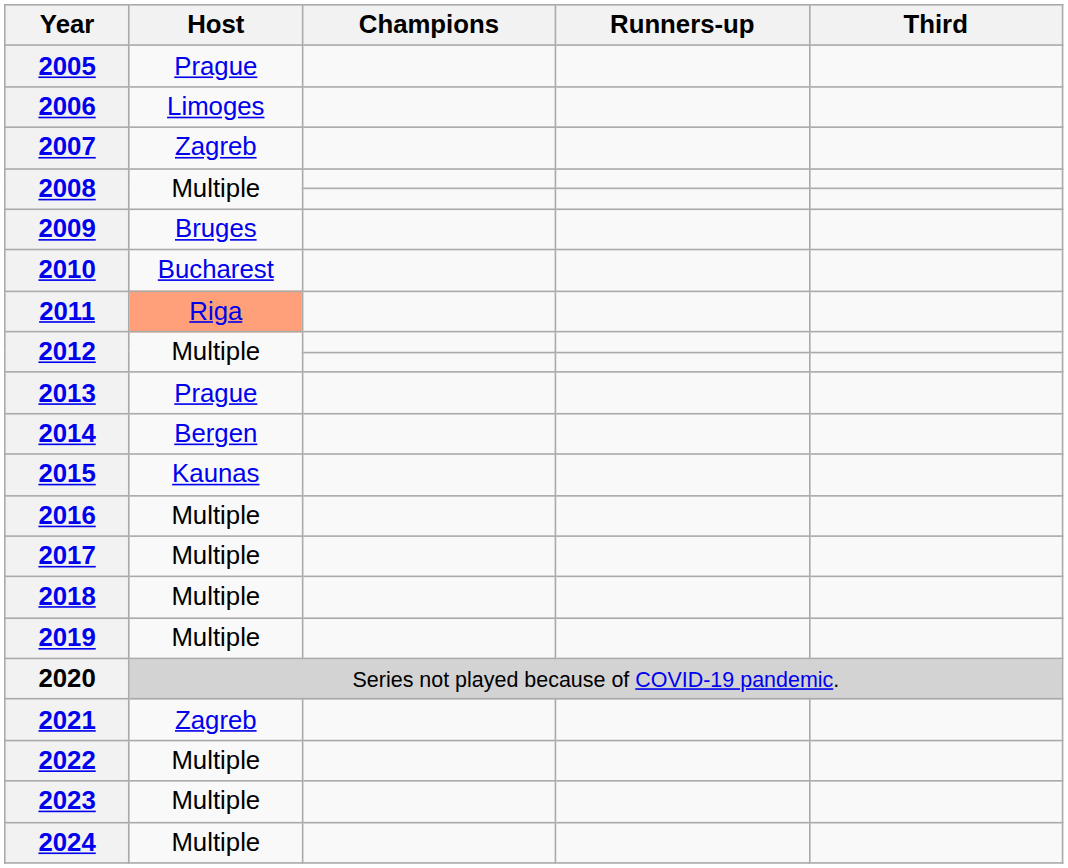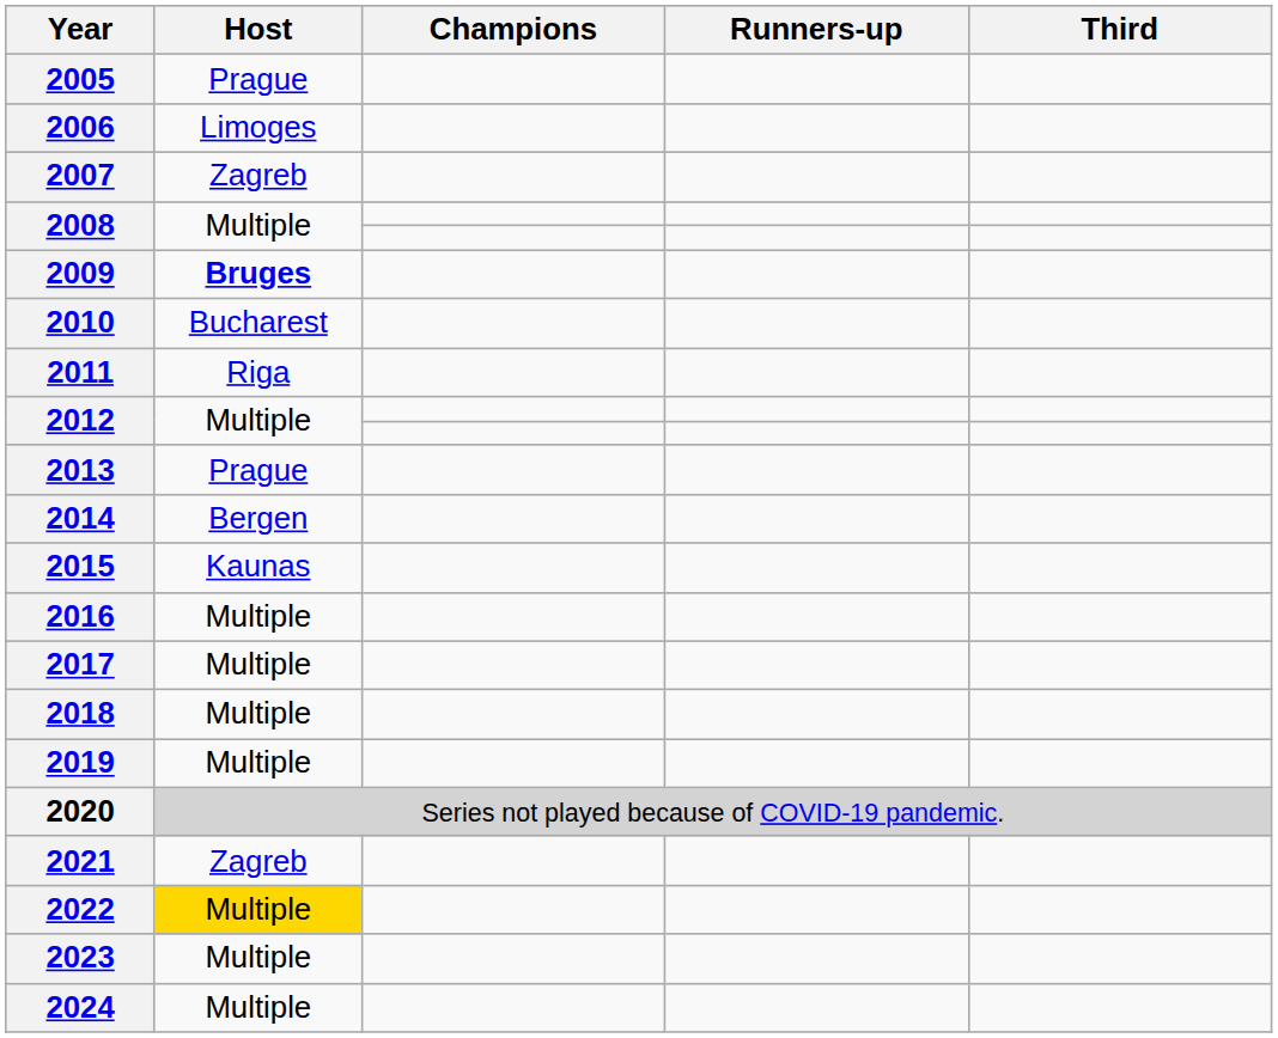 <table class="wikitable centre" style="text-align:center;">
 <tr>
 <th scope="col" style="width:70px;">Year</th>
 <th scope="col" style="width:100px;">Host</th>
 <th scope="col" style="width:150px;">Champions</th>
 <th scope="col" style="width:150px;">Runners-up</th>
 <th scope="col" style="width:150px;">Third</th>
 </tr>
 <tr>
 <th><a href='#'>2005</a></th>
 <td> <a href='#'>Prague</a></td>
 <td><strong></strong></td>
 <td></td>
 <td></td>
 </tr>
 <tr>
 <th><a href='#'>2006</a></th>
 <td> <a href='#'>Limoges</a></td>
 <td><strong></strong></td>
 <td></td>
 <td></td>
 </tr>
 <tr>
 <th><a href='#'>2007</a></th>
 <td> <a href='#'>Zagreb</a></td>
 <td><strong></strong></td>
 <td></td>
 <td></td>
 </tr>
 <tr>
 <th rowspan="2"><a href='#'>2008</a></th>
 <td rowspan="2">Multiple</td>
 <td><strong></strong></td>
 <td></td>
 <td></td>
 </tr>
 <tr>
 <td><strong></strong></td>
 <td></td>
 <td></td>
 </tr>
 <tr>
 <th><a href='#'>2009</a></th>
-<td> <a href='#'>Bruges</a></td>
+<td><strong> <a href='#'>Bruges</a></strong></td>
 <td><strong></strong></td>
 <td></td>
 <td></td>
 </tr>
 <tr>
 <th><a href='#'>2010</a></th>
 <td> <a href='#'>Bucharest</a></td>
 <td><strong></strong></td>
 <td></td>
 <td></td>
 </tr>
 <tr>
 <th><a href='#'>2011</a></th>
-<td style="background: lightsalmon;"> <a href='#'>Riga</a></td>
+<td> <a href='#'>Riga</a></td>
 <td><strong></strong></td>
 <td></td>
 <td></td>
 </tr>
 <tr>
 <th rowspan="2"><a href='#'>2012</a></th>
 <td rowspan="2">Multiple</td>
 <td><strong></strong></td>
 <td></td>
 <td></td>
 </tr>
 <tr>
 <td><strong></strong></td>
 <td></td>
 <td></td>
 </tr>
 <tr>
 <th><a href='#'>2013</a></th>
 <td> <a href='#'>Prague</a></td>
 <td><strong></strong></td>
 <td></td>
 <td></td>
 </tr>
 <tr>
 <th><a href='#'>2014</a></th>
 <td> <a href='#'>Bergen</a></td>
 <td><strong></strong></td>
 <td></td>
 <td></td>
 </tr>
 <tr>
 <th><a href='#'>2015</a></th>
 <td> <a href='#'>Kaunas</a></td>
 <td><strong></strong></td>
 <td></td>
 <td></td>
 </tr>
 <tr>
 <th><a href='#'>2016</a></th>
 <td>Multiple</td>
 <td><strong></strong></td>
 <td></td>
 <td></td>
 </tr>
 <tr>
 <th><a href='#'>2017</a></th>
 <td>Multiple</td>
 <td><strong></strong></td>
 <td></td>
 <td></td>
 </tr>
 <tr>
 <th><a href='#'>2018</a></th>
 <td>Multiple</td>
 <td><strong></strong></td>
 <td></td>
 <td></td>
 </tr>
 <tr>
 <th><a href='#'>2019</a></th>
 <td>Multiple</td>
 <td><strong></strong></td>
 <td></td>
 <td></td>
 </tr>
 <tr>
 <th>2020</th>
 <td align=center colspan=4 rowspan=1 bgcolor="#D3D3D3"><small>Series not played because of <a href='#'>COVID-19 pandemic</a>.</small></td>
 </tr>
 <tr>
 <th><a href='#'>2021</a></th>
 <td> <a href='#'>Zagreb</a></td>
 <td><strong></strong></td>
 <td></td>
 <td></td>
 </tr>
 <tr>
 <th><a href='#'>2022</a></th>
-<td>Multiple </td>
+<td style="background: gold;">Multiple </td>
 <td><strong></strong></td>
 <td></td>
 <td></td>
 </tr>
 <tr>
 <th><a href='#'>2023</a></th>
 <td>Multiple</td>
 <td><strong></strong></td>
 <td></td>
 <td></td>
 </tr>
 <tr>
 <th><a href='#'>2024</a></th>
 <td>Multiple</td>
 <td><strong></strong></td>
 <td></td>
 <td></td>
 </tr>
 </table>
